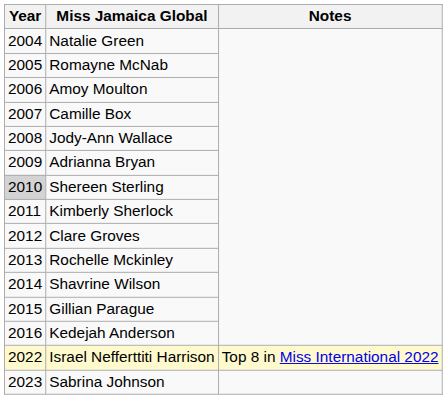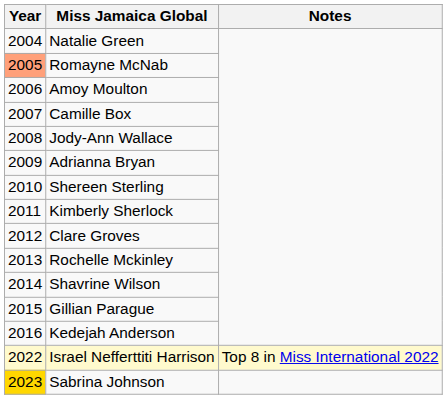 <table class="sortable wikitable">
 <tr>
 <th>Year</th>
 <th>Miss Jamaica Global</th>
 <th>Notes</th>
 </tr>
 <tr>
 <td>2004</td>
 <td>Natalie Green</td>
 </tr>
 <tr>
-<td>2005</td>
+<td style="background: lightsalmon;">2005</td>
 <td>Romayne McNab</td>
 </tr>
 <tr>
 <td>2006</td>
 <td>Amoy Moulton</td>
 </tr>
 <tr>
 <td>2007</td>
 <td>Camille Box</td>
 </tr>
 <tr>
 <td>2008</td>
 <td>Jody-Ann Wallace</td>
 </tr>
 <tr>
 <td>2009</td>
 <td>Adrianna Bryan</td>
 </tr>
 <tr>
-<td style="background: lightgrey;">2010</td>
+<td>2010</td>
 <td>Shereen Sterling</td>
 </tr>
 <tr>
 <td>2011</td>
 <td>Kimberly Sherlock</td>
 </tr>
 <tr>
 <td>2012</td>
 <td>Clare Groves</td>
 </tr>
 <tr>
 <td>2013</td>
 <td>Rochelle Mckinley</td>
 </tr>
 <tr>
 <td>2014</td>
 <td>Shavrine Wilson</td>
 </tr>
 <tr>
 <td>2015</td>
 <td>Gillian Parague</td>
 </tr>
 <tr>
 <td>2016</td>
 <td>Kedejah Anderson</td>
 </tr>
 <tr style="background-color:#FFFACD;">
 <td>2022</td>
 <td>Israel Nefferttiti Harrison</td>
 <td>Top 8 in <a href='#'>Miss International 2022</a></td>
 </tr>
 <tr>
-<td>2023</td>
+<td style="background: gold;">2023</td>
 <td>Sabrina Johnson</td>
 <td></td>
 </tr>
 </table>
